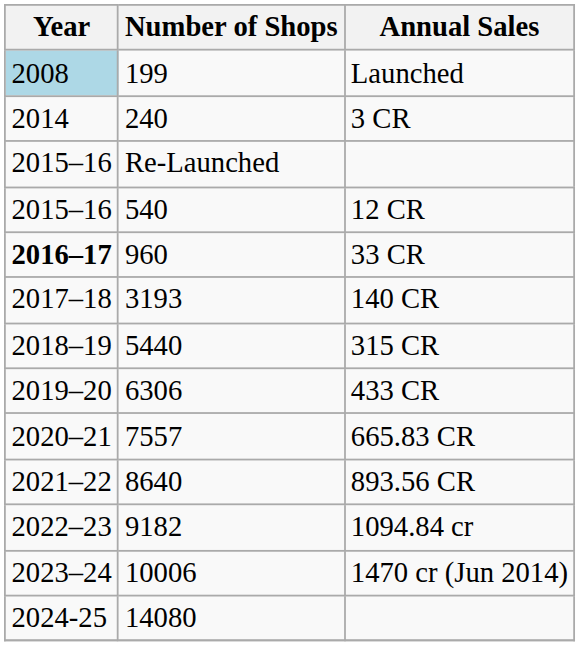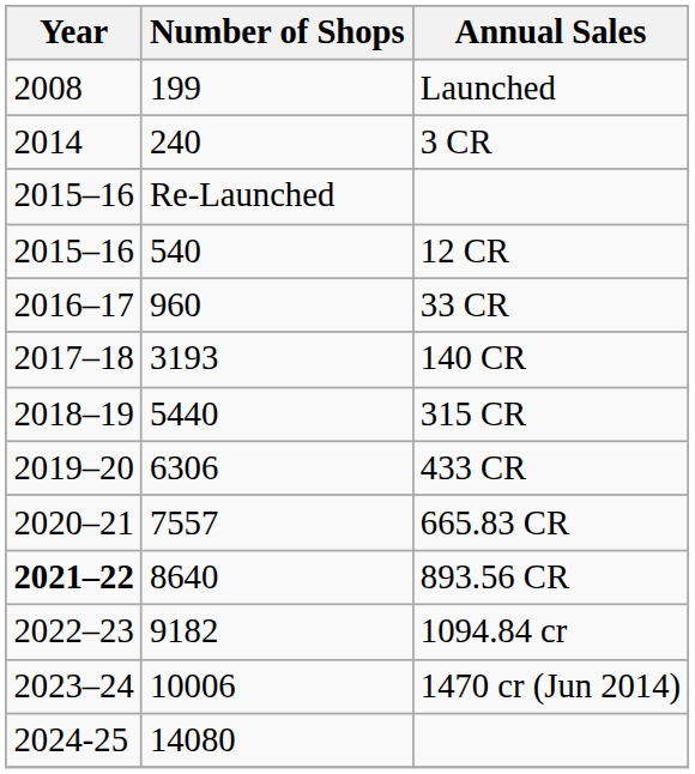 <table class="wikitable">
 <tr>
 <th>Year</th>
 <th>Number of Shops</th>
 <th>Annual Sales</th>
 </tr>
 <tr>
-<td style="background: lightblue;">2008</td>
+<td>2008</td>
 <td>199</td>
 <td>Launched</td>
 </tr>
 <tr>
 <td>2014</td>
 <td>240</td>
 <td>3 CR</td>
 </tr>
 <tr>
 <td>2015–16</td>
 <td>Re-Launched</td>
 </tr>
 <tr>
 <td>2015–16</td>
 <td>540</td>
 <td>12 CR</td>
 </tr>
 <tr>
-<td><strong>2016–17</strong></td>
+<td>2016–17</td>
 <td>960</td>
 <td>33 CR</td>
 </tr>
 <tr>
 <td>2017–18</td>
 <td>3193</td>
 <td>140 CR</td>
 </tr>
 <tr>
 <td>2018–19</td>
 <td>5440</td>
 <td>315 CR</td>
 </tr>
 <tr>
 <td>2019–20</td>
 <td>6306</td>
 <td>433 CR</td>
 </tr>
 <tr>
 <td>2020–21</td>
 <td>7557</td>
 <td>665.83 CR</td>
 </tr>
 <tr>
-<td>2021–22</td>
+<td><strong>2021–22</strong></td>
 <td>8640</td>
 <td>893.56 CR</td>
 </tr>
 <tr>
 <td>2022–23</td>
 <td>9182</td>
 <td>1094.84 cr</td>
 </tr>
 <tr>
 <td>2023–24</td>
 <td>10006</td>
 <td>1470 cr (Jun 2014)</td>
 </tr>
 <tr>
 <td>2024-25</td>
 <td>14080</td>
 <td></td>
 </tr>
 <tr>
 </tr>
 </table>
